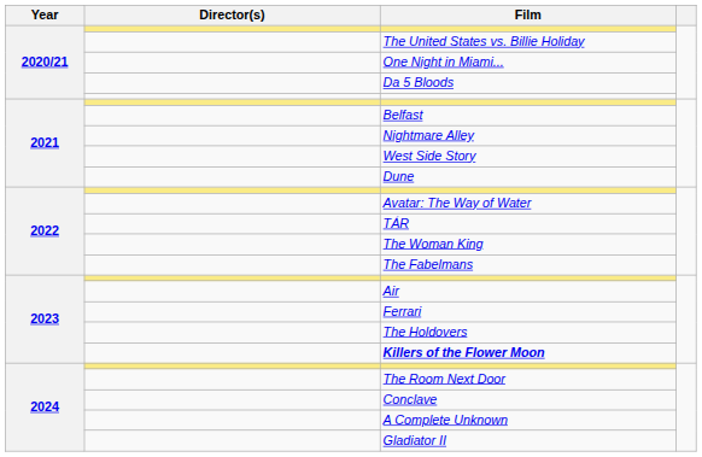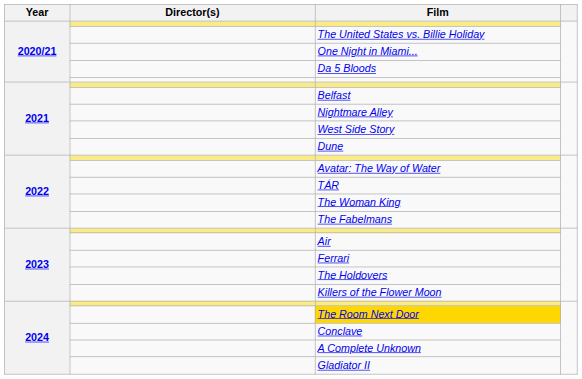 <table class="wikitable sortable">
 <tr>
 <th scope="col" style="width:8%;">Year</th>
 <th scope="col" style="width:30%;">Director(s)</th>
 <th scope="col" style="width:30%;">Film</th>
 <th scope="col" style="width:2%;" class="unsortable"></th>
 </tr>
 <tr>
 <th scope="row" rowspan=5 style="text-align:center;"><a href='#'>2020/21</a><br></th>
 <td style="background:#FAEB86;"><strong></strong></td>
 <td style="background:#FAEB86;"><strong></strong></td>
 <td rowspan=5></td>
 </tr>
 <tr>
 <td></td>
 <td><em><a href='#'>The United States vs. Billie Holiday</a></em></td>
 </tr>
 <tr>
 <td></td>
 <td><em><a href='#'>One Night in Miami...</a></em></td>
 </tr>
 <tr>
 <td></td>
 <td><em><a href='#'>Da 5 Bloods</a></em></td>
 </tr>
 <tr>
 <td></td>
 <td></td>
 </tr>
 <tr>
 <th scope="row" rowspan=5 style="text-align:center;"><a href='#'>2021</a><br></th>
 <td style="background:#FAEB86;"><strong></strong></td>
 <td style="background:#FAEB86;"><strong></strong></td>
 <td rowspan=5></td>
 </tr>
 <tr>
 <td></td>
 <td><em><a href='#'>Belfast</a></em></td>
 </tr>
 <tr>
 <td></td>
 <td><em><a href='#'>Nightmare Alley</a></em></td>
 </tr>
 <tr>
 <td></td>
 <td><em><a href='#'>West Side Story</a></em></td>
 </tr>
 <tr>
 <td></td>
 <td><em><a href='#'>Dune</a></em></td>
 </tr>
 <tr>
 <th scope="row" rowspan=5 style="text-align:center;"><a href='#'>2022</a><br></th>
 <td style="background:#FAEB86;"><strong></strong></td>
 <td style="background:#FAEB86;"><strong></strong></td>
 <td rowspan=5></td>
 </tr>
 <tr>
 <td></td>
 <td><em><a href='#'>Avatar: The Way of Water</a></em></td>
 </tr>
 <tr>
 <td></td>
 <td><em><a href='#'>TÁR</a></em></td>
 </tr>
 <tr>
 <td></td>
 <td><em><a href='#'>The Woman King</a></em></td>
 </tr>
 <tr>
 <td></td>
 <td><em><a href='#'>The Fabelmans</a></em></td>
 </tr>
 <tr>
 <th scope="row" rowspan=5 style="text-align:center;"><a href='#'>2023</a><br></th>
 <td style="background:#FAEB86;"><strong></strong></td>
 <td style="background:#FAEB86;"><strong></strong></td>
 <td rowspan=5></td>
 </tr>
 <tr>
 <td></td>
 <td><em><a href='#'>Air</a></em></td>
 </tr>
 <tr>
 <td></td>
 <td><em><a href='#'>Ferrari</a></em></td>
 </tr>
 <tr>
 <td></td>
 <td><em><a href='#'>The Holdovers</a></em></td>
 </tr>
 <tr>
 <td></td>
-<td><strong><em><a href='#'>Killers of the Flower Moon</a></em></strong></td>
+<td><em><a href='#'>Killers of the Flower Moon</a></em></td>
 </tr>
 <tr>
 <th scope="row" rowspan=5 style="text-align:center;"><a href='#'>2024</a><br></th>
 <td style="background:#FAEB86;"><strong></strong></td>
 <td style="background:#FAEB86;"><strong></strong></td>
 <td rowspan=5></td>
 </tr>
 <tr>
 <td></td>
-<td><em><a href='#'>The Room Next Door</a></em></td>
+<td style="background: gold;"><em><a href='#'>The Room Next Door</a></em></td>
 </tr>
 <tr>
 <td></td>
 <td><em><a href='#'>Conclave</a></em></td>
 </tr>
 <tr>
 <td></td>
 <td><em><a href='#'>A Complete Unknown</a></em></td>
 </tr>
 <tr>
 <td></td>
 <td><em><a href='#'>Gladiator II</a></em></td>
 </tr>
 </table>
